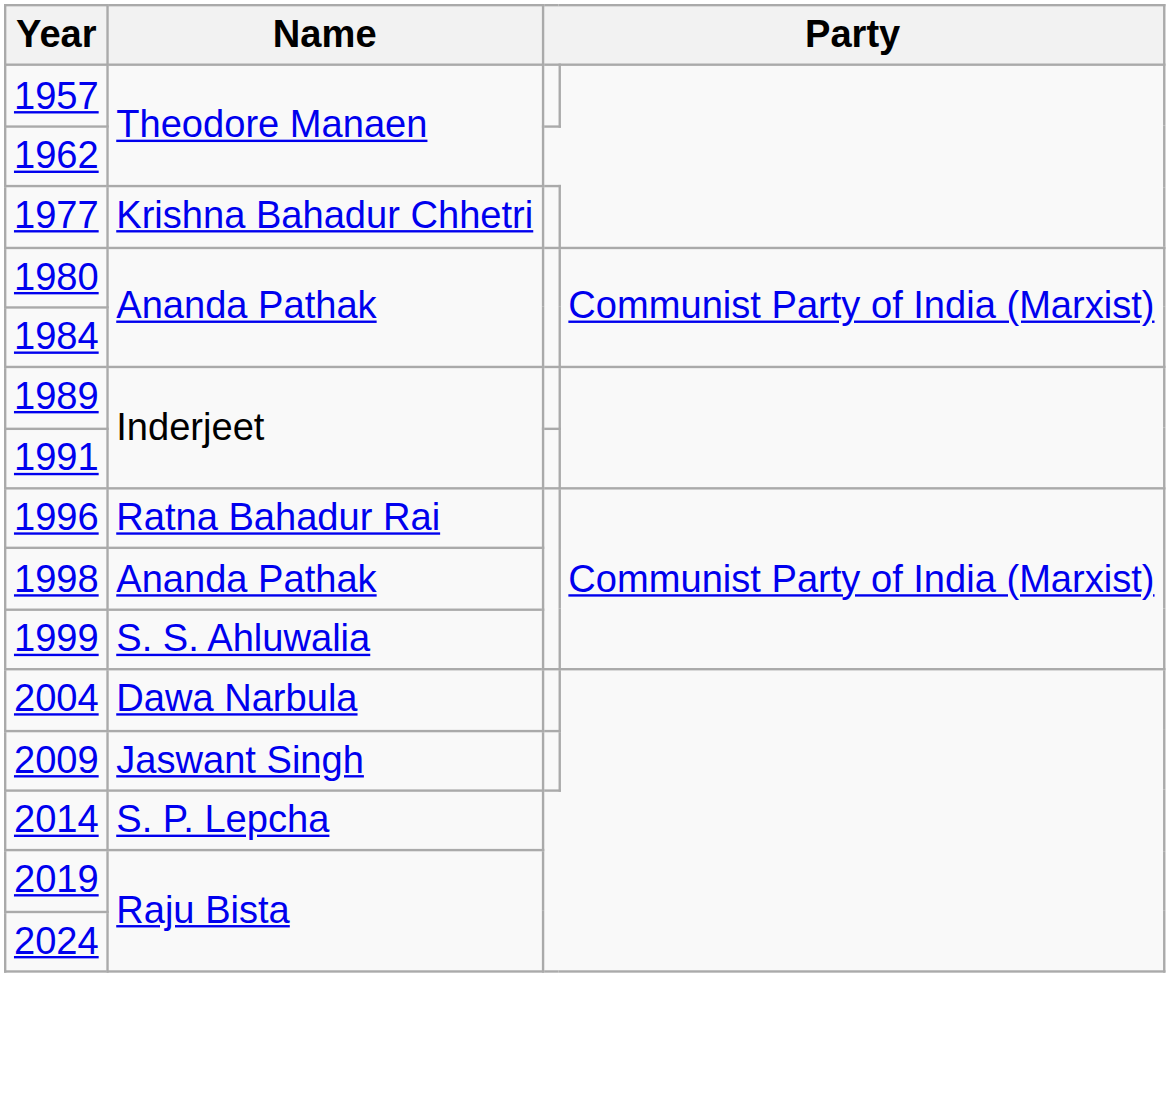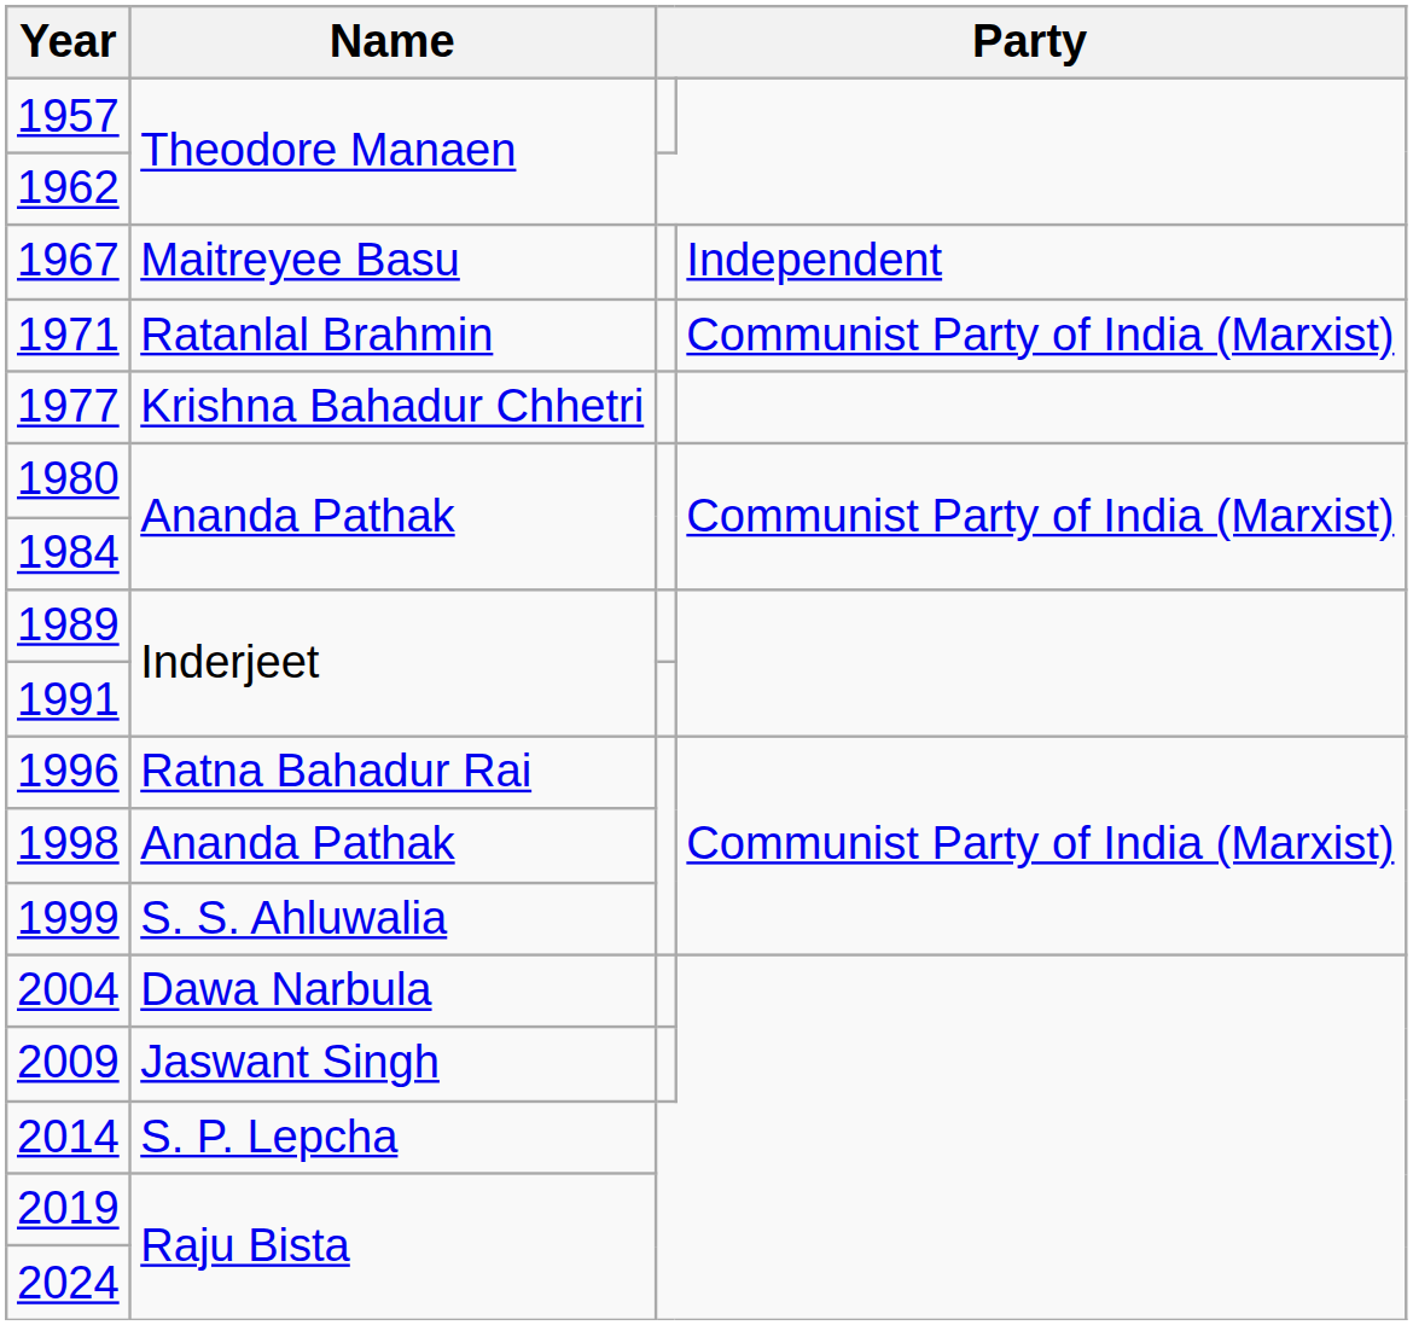 <table class="wikitable">
 <tr>
 <th>Year</th>
 <th>Name</th>
 <th colspan="2">Party</th>
 </tr>
 <tr>
 <td><a href='#'>1957</a></td>
 <td rowspan="2"><a href='#'>Theodore Manaen</a></td>
 <td></td>
 </tr>
 <tr>
 <td><a href='#'>1962</a></td>
+</tr>
+<tr>
+<td><a href='#'>1967</a></td>
+<td><a href='#'>Maitreyee Basu</a></td>
+<td style="background-color: "></td>
+<td><a href='#'>Independent</a></td>
+</tr>
+<tr>
+<td><a href='#'>1971</a></td>
+<td><a href='#'>Ratanlal Brahmin</a></td>
+<td style="background-color: "></td>
+<td><a href='#'>Communist Party of India (Marxist)</a></td>
 </tr>
 <tr>
 <td><a href='#'>1977</a></td>
 <td><a href='#'>Krishna Bahadur Chhetri</a></td>
 <td></td>
 </tr>
 <tr>
 <td><a href='#'>1980</a></td>
 <td rowspan="2"><a href='#'>Ananda Pathak</a></td>
 <td rowspan=2 style="background-color: "></td>
 <td rowspan=2><a href='#'>Communist Party of India (Marxist)</a></td>
 </tr>
 <tr>
 <td><a href='#'>1984</a></td>
 </tr>
 <tr>
 <td><a href='#'>1989</a></td>
 <td rowspan="2">Inderjeet</td>
 <td></td>
 </tr>
 <tr>
 <td><a href='#'>1991</a></td>
 <td></td>
 </tr>
 <tr>
 <td><a href='#'>1996</a></td>
 <td><a href='#'>Ratna Bahadur Rai</a></td>
 <td rowspan=3 style="background-color: "></td>
 <td rowspan=3><a href='#'>Communist Party of India (Marxist)</a></td>
 </tr>
 <tr>
 <td><a href='#'>1998</a></td>
 <td><a href='#'>Ananda Pathak</a></td>
 </tr>
 <tr>
 <td><a href='#'>1999</a></td>
 <td><a href='#'>S. S. Ahluwalia</a></td>
 </tr>
 <tr>
 <td><a href='#'>2004</a></td>
 <td><a href='#'>Dawa Narbula</a></td>
 <td></td>
 </tr>
 <tr>
 <td><a href='#'>2009</a></td>
 <td><a href='#'>Jaswant Singh</a></td>
 <td></td>
 </tr>
 <tr>
 <td><a href='#'>2014</a></td>
 <td><a href='#'>S. P. Lepcha</a></td>
 </tr>
 <tr>
 <td><a href='#'>2019</a></td>
 <td rowspan=2><a href='#'>Raju Bista</a></td>
 </tr>
 <tr>
 <td><a href='#'>2024</a></td>
 </tr>
 </table>
